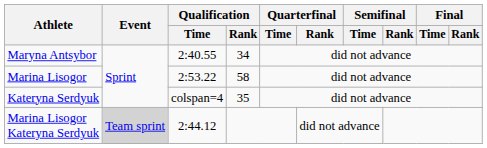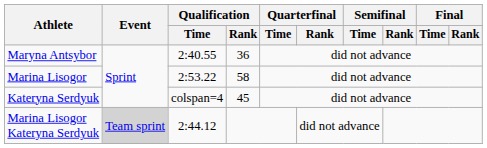 <table class="wikitable" style="font-size:90%">
 <tr>
 <th rowspan="2">Athlete</th>
 <th rowspan="2">Event</th>
 <th colspan="2">Qualification</th>
 <th colspan="2">Quarterfinal</th>
 <th colspan="2">Semifinal</th>
 <th colspan="2">Final</th>
 </tr>
 <tr style="font-size:95%">
 <th>Time</th>
 <th>Rank</th>
 <th>Time</th>
 <th>Rank</th>
 <th>Time</th>
 <th>Rank</th>
 <th>Time</th>
 <th>Rank</th>
 </tr>
 <tr align=center>
 <td align=left><a href='#'>Maryna Antsybor</a></td>
 <td align=left rowspan=3><a href='#'>Sprint</a></td>
 <td>2:40.55</td>
-<td>34</td>
+<td>36</td>
 <td colspan=6>did not advance</td>
 </tr>
 <tr align=center>
 <td align=left><a href='#'>Marina Lisogor</a></td>
 <td>2:53.22</td>
 <td>58</td>
 <td colspan=6>did not advance</td>
 </tr>
 <tr align=center>
 <td align=left><a href='#'>Kateryna Serdyuk</a></td>
 <td>colspan=4 </td>
-<td>35</td>
+<td>45</td>
 <td colspan=6>did not advance</td>
 </tr>
 <tr align=center>
 <td align=left><a href='#'>Marina Lisogor</a><br><a href='#'>Kateryna Serdyuk</a></td>
 <td align=left style="background: lightgrey;"><a href='#'>Team sprint</a></td>
 <td>2:44.12</td>
 <td colspan=2></td>
 <td colspan=2>did not advance</td>
 </tr>
 </table>
